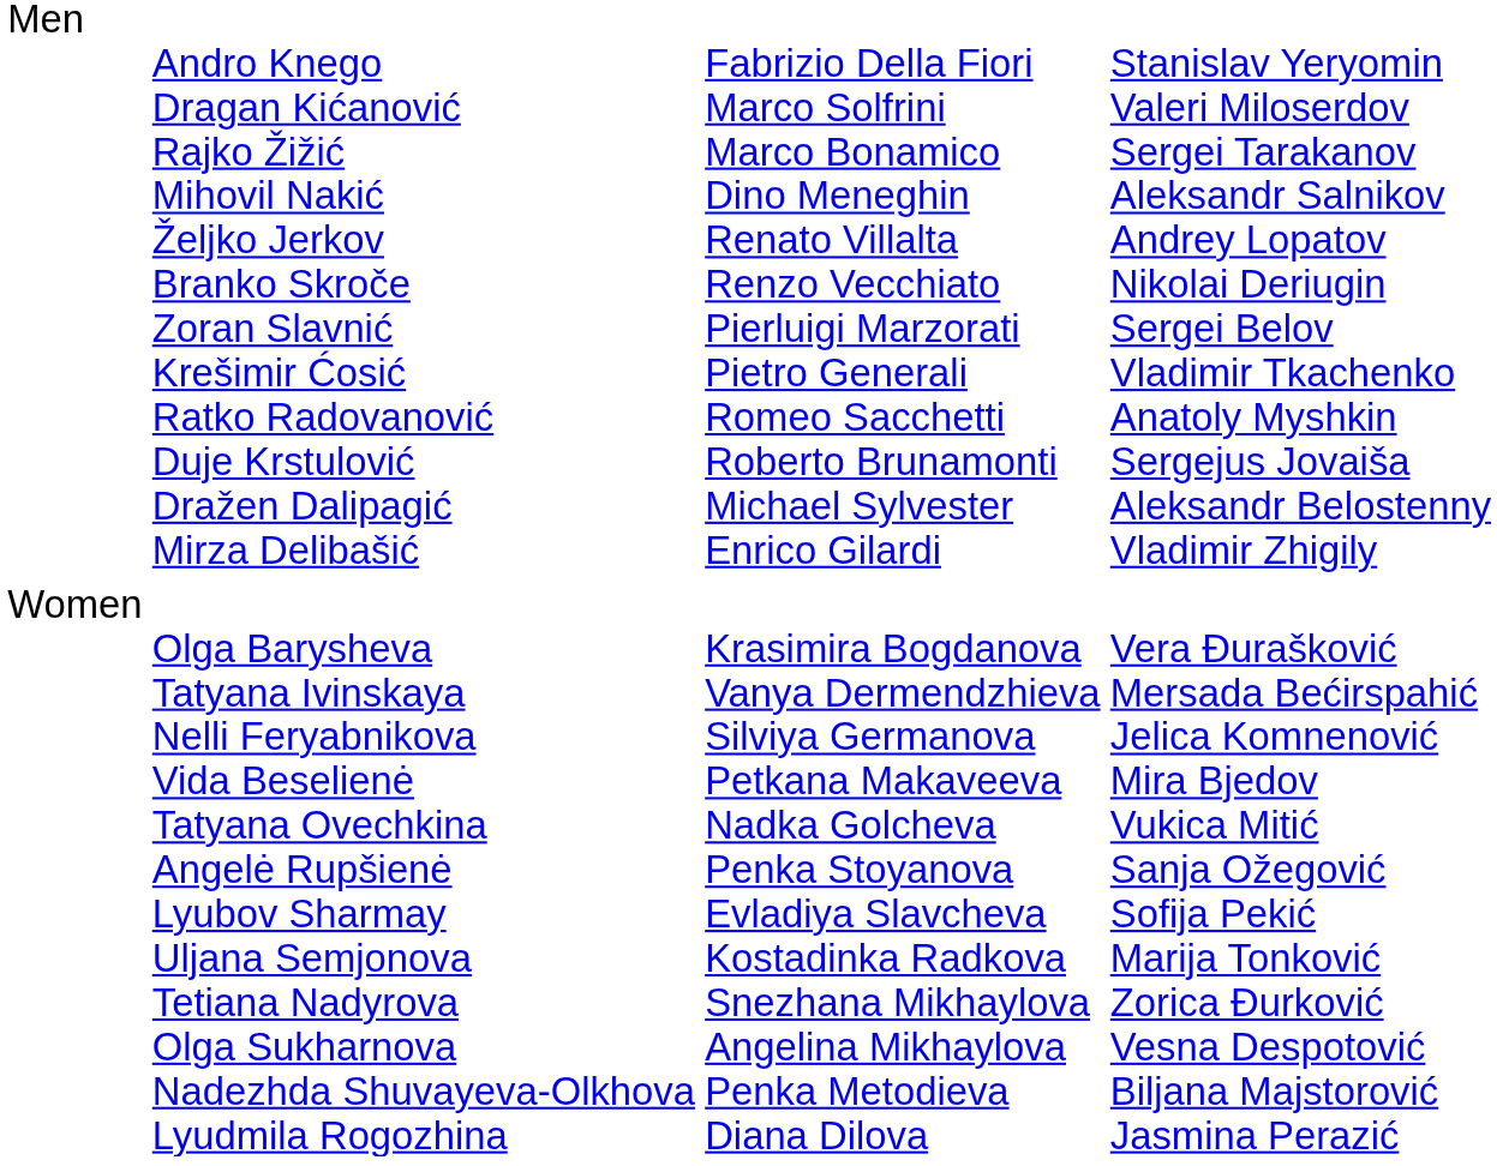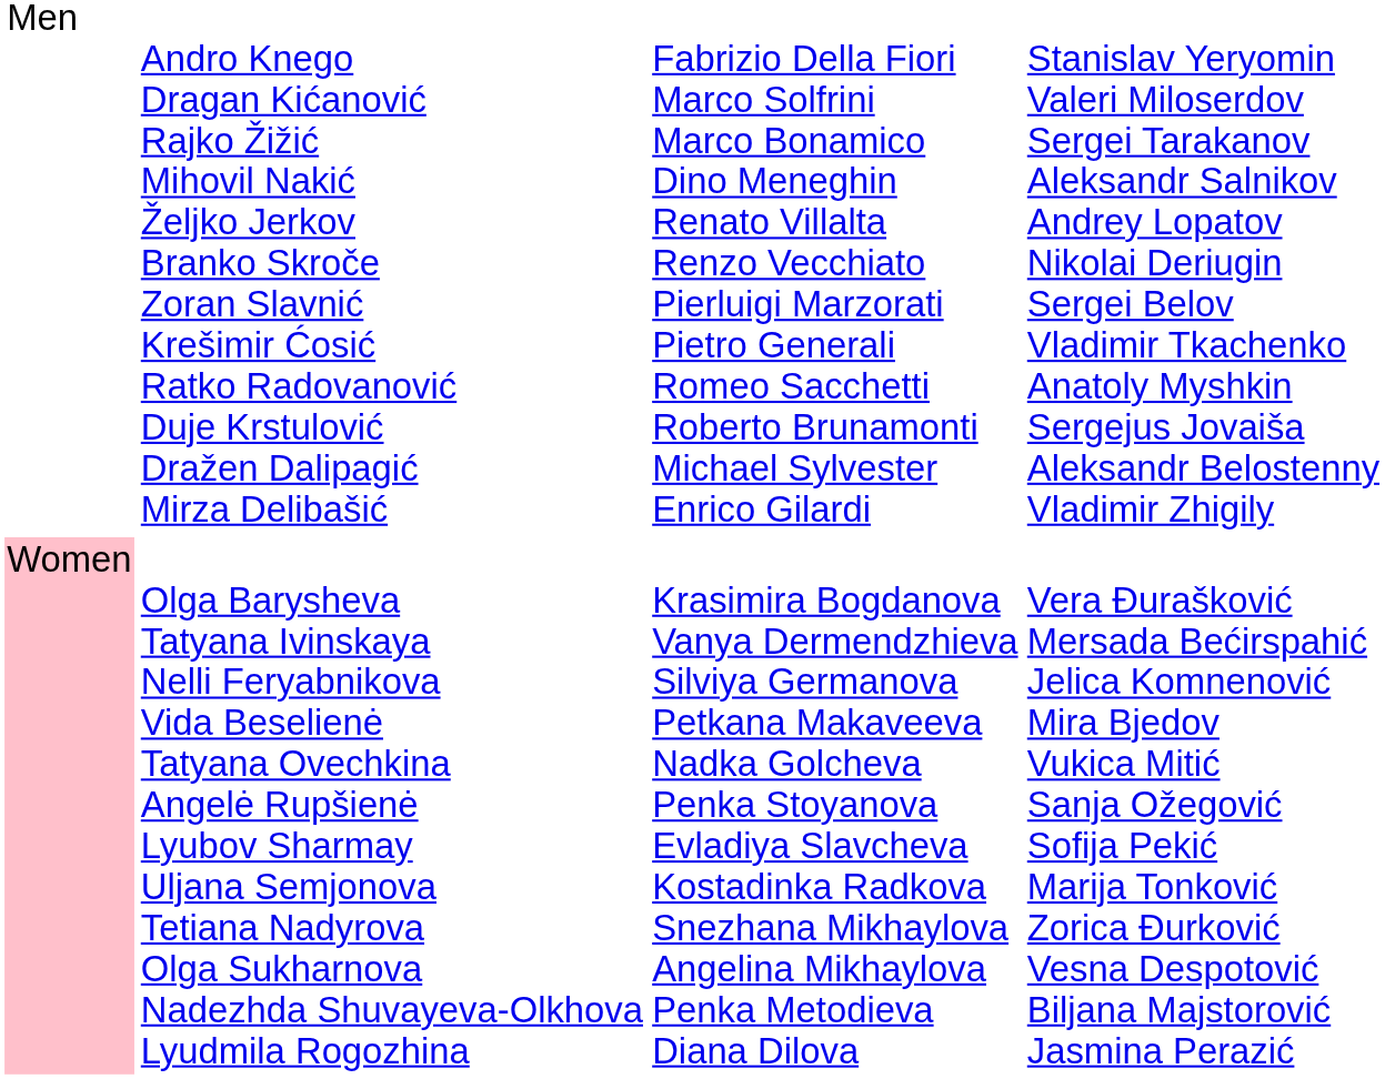 <table>
 <tr valign="top">
 <td>Men<br></td>
 <td><br><a href='#'>Andro Knego</a><br><a href='#'>Dragan Kićanović</a><br><a href='#'>Rajko Žižić</a><br><a href='#'>Mihovil Nakić</a><br><a href='#'>Željko Jerkov</a><br><a href='#'>Branko Skroče</a><br><a href='#'>Zoran Slavnić</a><br><a href='#'>Krešimir Ćosić</a><br><a href='#'>Ratko Radovanović</a><br><a href='#'>Duje Krstulović</a><br><a href='#'>Dražen Dalipagić</a><br><a href='#'>Mirza Delibašić</a></td>
 <td><br><a href='#'>Fabrizio Della Fiori</a><br><a href='#'>Marco Solfrini</a><br><a href='#'>Marco Bonamico</a><br><a href='#'>Dino Meneghin</a><br><a href='#'>Renato Villalta</a><br><a href='#'>Renzo Vecchiato</a><br><a href='#'>Pierluigi Marzorati</a><br><a href='#'>Pietro Generali</a><br><a href='#'>Romeo Sacchetti</a><br><a href='#'>Roberto Brunamonti</a><br><a href='#'>Michael Sylvester</a><br><a href='#'>Enrico Gilardi</a></td>
 <td> <br><a href='#'>Stanislav Yeryomin</a><br><a href='#'>Valeri Miloserdov</a><br><a href='#'>Sergei Tarakanov</a><br><a href='#'>Aleksandr Salnikov</a><br><a href='#'>Andrey Lopatov</a><br><a href='#'>Nikolai Deriugin</a><br><a href='#'>Sergei Belov</a><br><a href='#'>Vladimir Tkachenko</a><br><a href='#'>Anatoly Myshkin</a><br><a href='#'>Sergejus Jovaiša</a><br><a href='#'>Aleksandr Belostenny</a><br><a href='#'>Vladimir Zhigily</a></td>
 </tr>
 <tr valign="top">
-<td>Women<br></td>
+<td style="background: pink;">Women<br></td>
 <td><br><a href='#'>Olga Barysheva</a><br><a href='#'>Tatyana Ivinskaya</a><br><a href='#'>Nelli Feryabnikova</a><br><a href='#'>Vida Beselienė</a><br><a href='#'>Tatyana Ovechkina</a><br><a href='#'>Angelė Rupšienė</a><br><a href='#'>Lyubov Sharmay</a><br><a href='#'>Uljana Semjonova</a><br><a href='#'>Tetiana Nadyrova</a><br><a href='#'>Olga Sukharnova</a><br><a href='#'>Nadezhda Shuvayeva-Olkhova</a><br><a href='#'>Lyudmila Rogozhina</a></td>
 <td><br><a href='#'>Krasimira Bogdanova</a><br><a href='#'>Vanya Dermendzhieva</a><br><a href='#'>Silviya Germanova</a><br><a href='#'>Petkana Makaveeva</a><br><a href='#'>Nadka Golcheva</a><br><a href='#'>Penka Stoyanova</a><br><a href='#'>Evladiya Slavcheva</a><br><a href='#'>Kostadinka Radkova</a><br><a href='#'>Snezhana Mikhaylova</a><br><a href='#'>Angelina Mikhaylova</a><br><a href='#'>Penka Metodieva</a><br><a href='#'>Diana Dilova</a></td>
 <td> <br><a href='#'>Vera Đurašković</a><br><a href='#'>Mersada Bećirspahić</a><br><a href='#'>Jelica Komnenović</a><br><a href='#'>Mira Bjedov</a><br><a href='#'>Vukica Mitić</a><br><a href='#'>Sanja Ožegović</a><br><a href='#'>Sofija Pekić</a><br><a href='#'>Marija Tonković</a><br><a href='#'>Zorica Đurković</a><br><a href='#'>Vesna Despotović</a><br><a href='#'>Biljana Majstorović</a><br><a href='#'>Jasmina Perazić</a></td>
 </tr>
 </table>
